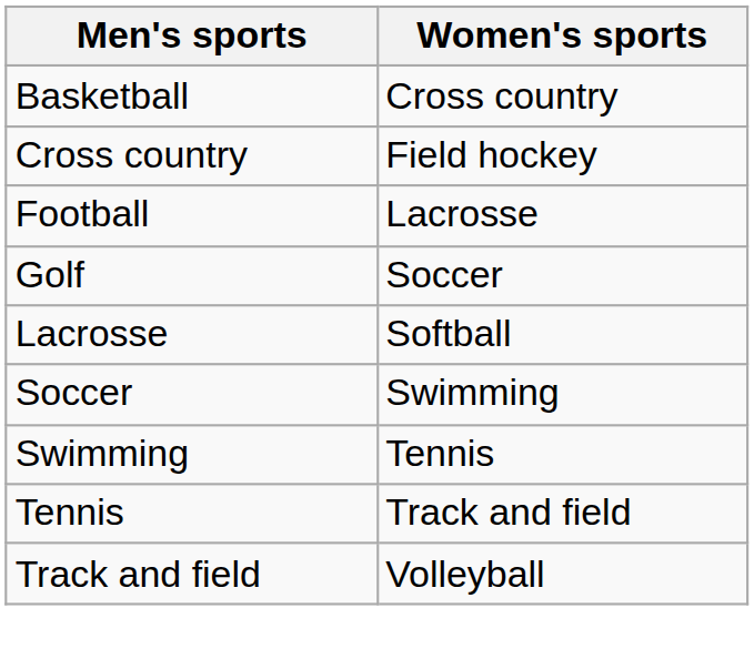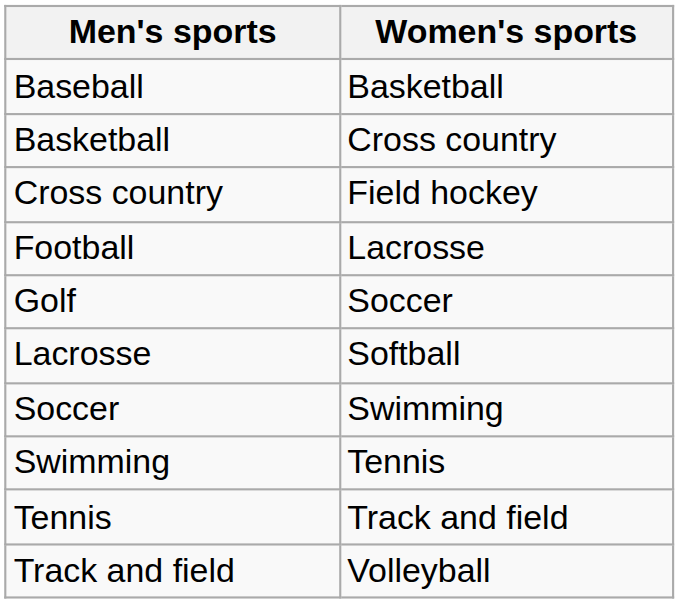 <table class="wikitable"; style= "float:right">
 <tr>
 <th width=150px>Men's sports</th>
 <th width=150px>Women's sports</th>
+</tr>
+<tr>
+<td>Baseball</td>
+<td>Basketball</td>
 </tr>
 <tr>
 <td>Basketball</td>
 <td>Cross country</td>
 </tr>
 <tr>
 <td>Cross country</td>
 <td>Field hockey</td>
 </tr>
 <tr>
 <td>Football</td>
 <td>Lacrosse</td>
 </tr>
 <tr>
 <td>Golf</td>
 <td>Soccer</td>
 </tr>
 <tr>
 <td>Lacrosse</td>
 <td>Softball</td>
 </tr>
 <tr>
 <td>Soccer</td>
 <td>Swimming</td>
 </tr>
 <tr>
 <td>Swimming</td>
 <td>Tennis</td>
 </tr>
 <tr>
 <td>Tennis</td>
 <td>Track and field</td>
 </tr>
 <tr>
 <td>Track and field</td>
 <td>Volleyball</td>
 </tr>
 </table>
